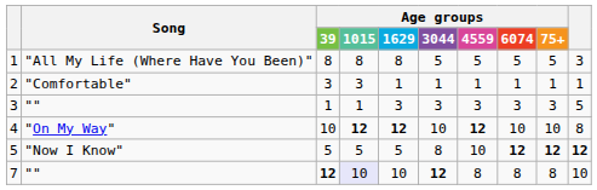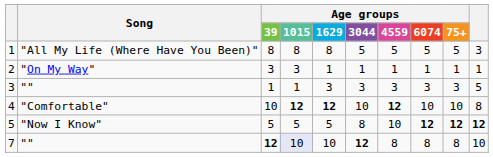 <table class="wikitable" style="margin: 1em auto 1em auto; text-align:center;">
 <tr>
 <th rowspan="2"></th>
 <th rowspan="2">Song</th>
 <th colspan="7">Age groups</th>
 <th rowspan="2"></th>
 </tr>
 <tr>
 <th style="background:#76C043;color:white;">39</th>
 <th style="background:#55BF9A;color:white;">1015</th>
 <th style="background:#09AAE0;color:white;">1629</th>
 <th style="background:#804F9F;color:white;">3044</th>
 <th style="background:#D94599;color:white;">4559</th>
 <th style="background:#ED3E23;color:white;">6074</th>
 <th style="background:#F6931D;color:white;">75+</th>
 </tr>
 <tr>
 <td>1</td>
 <td align="left">"All My Life (Where Have You Been)"</td>
 <td>8</td>
 <td>8</td>
 <td>8</td>
 <td>5</td>
 <td>5</td>
 <td>5</td>
 <td>5</td>
 <td>3</td>
 </tr>
 <tr>
 <td>2</td>
-<td align="left">"Comfortable"</td>
+<td align="left">"<a href='#'>On My Way</a>"</td>
 <td>3</td>
 <td>3</td>
 <td>1</td>
 <td>1</td>
 <td>1</td>
 <td>1</td>
 <td>1</td>
 <td>1</td>
 </tr>
 <tr>
 <td>3</td>
 <td align="left">""</td>
 <td>1</td>
 <td>1</td>
 <td>3</td>
 <td>3</td>
 <td>3</td>
 <td>3</td>
 <td>3</td>
 <td>5</td>
 </tr>
 <tr>
 <td>4</td>
-<td align="left">"<a href='#'>On My Way</a>"</td>
+<td align="left">"Comfortable"</td>
 <td>10</td>
 <td><strong>12</strong></td>
 <td><strong>12</strong></td>
 <td>10</td>
 <td><strong>12</strong></td>
 <td>10</td>
 <td>10</td>
 <td>8</td>
 </tr>
 <tr>
 <td>5</td>
 <td align="left">"Now I Know"</td>
 <td>5</td>
 <td>5</td>
 <td>5</td>
 <td>8</td>
 <td>10</td>
 <td><strong>12</strong></td>
 <td><strong>12</strong></td>
 <td><strong>12</strong></td>
 </tr>
 <tr>
 <td>7</td>
 <td align="left">""</td>
 <td><strong>12</strong></td>
 <td style="background: lavender;">10</td>
 <td>10</td>
 <td><strong>12</strong></td>
 <td>8</td>
 <td>8</td>
 <td>8</td>
 <td>10</td>
 </tr>
 </table>
